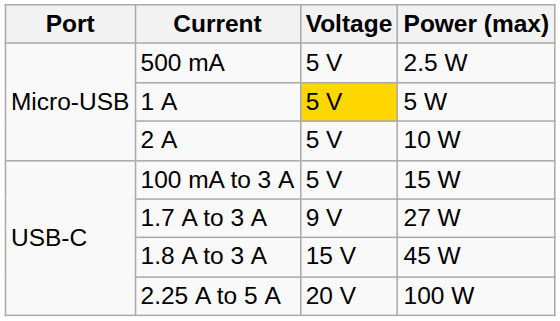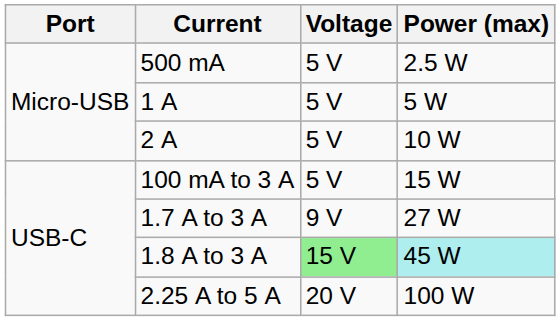 <table class="wikitable" style="margin:0 0 1em 1em; float:right;">
 <tr>
 <th>Port</th>
 <th>Current</th>
 <th>Voltage</th>
 <th>Power (max)</th>
 </tr>
 <tr>
 <td rowspan=3>Micro-USB</td>
 <td>500 mA</td>
 <td>5 V</td>
 <td>2.5 W</td>
 </tr>
 <tr>
 <td>1 A</td>
-<td style="background: gold;">5 V</td>
+<td>5 V</td>
 <td>5 W</td>
 </tr>
 <tr>
 <td>2 A</td>
 <td>5 V</td>
 <td>10 W</td>
 </tr>
 <tr>
 <td rowspan=4>USB-C</td>
 <td>100 mA to 3 A</td>
 <td>5 V</td>
 <td>15 W</td>
 </tr>
 <tr>
 <td>1.7 A to 3 A</td>
 <td>9 V</td>
 <td>27 W</td>
 </tr>
 <tr>
 <td>1.8 A to 3 A</td>
-<td>15 V</td>
-<td>45 W</td>
+<td style="background: lightgreen;">15 V</td>
+<td style="background: paleturquoise;">45 W</td>
 </tr>
 <tr \>
 <td>2.25 A to 5 A</td>
 <td>20 V</td>
 <td>100 W</td>
 </tr>
 </table>
